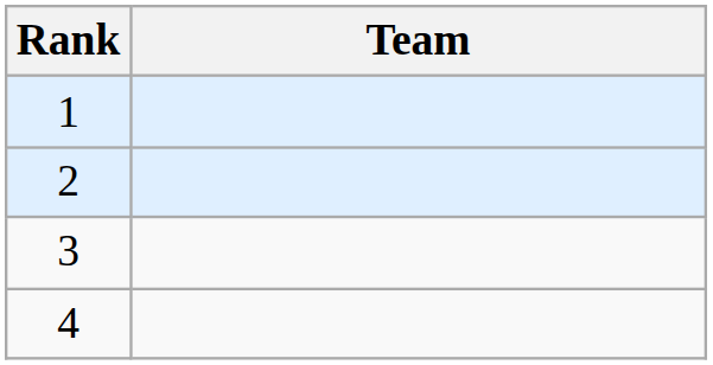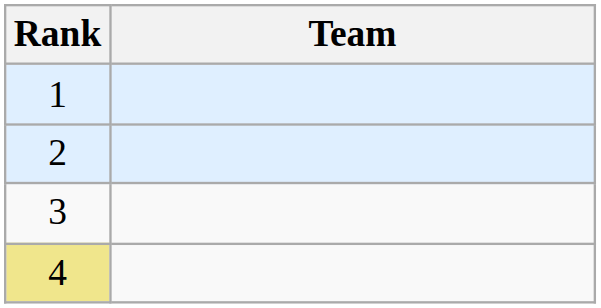 <table class="wikitable">
 <tr>
 <th>Rank</th>
 <th width=200>Team</th>
 </tr>
 <tr bgcolor=#dfefff>
 <td align=center>1</td>
 <td></td>
 </tr>
 <tr bgcolor=#dfefff>
 <td align=center>2</td>
 <td></td>
 </tr>
 <tr>
 <td align=center>3</td>
 <td></td>
 </tr>
 <tr>
-<td align=center>4</td>
+<td align=center style="background: khaki;">4</td>
 <td></td>
 </tr>
 </table>
